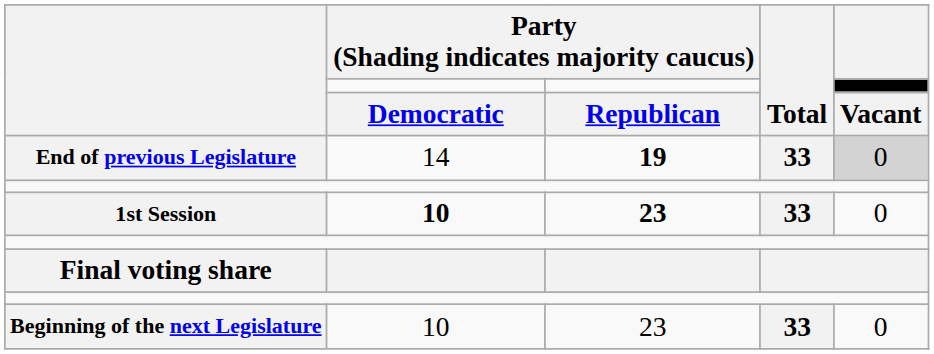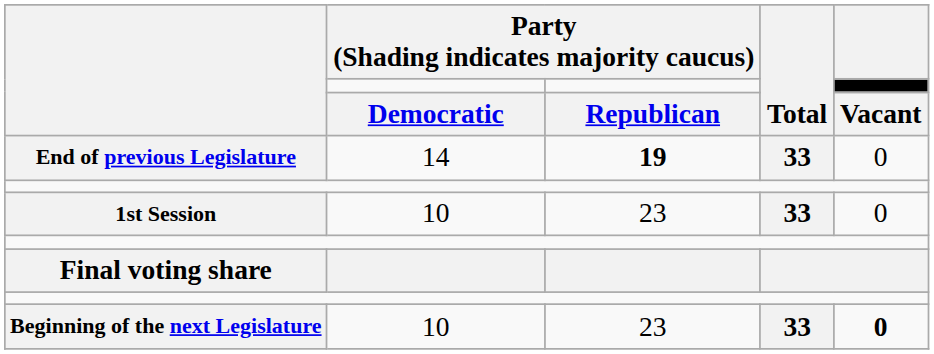 <table class=wikitable style="text-align:center">
 <tr style="vertical-align:bottom;">
 <th rowspan=3></th>
 <th colspan=2>Party <div>(Shading indicates majority caucus)</div></th>
 <th rowspan=3>Total</th>
 <th></th>
 </tr>
 <tr style="height:5px">
 <td style="background-color:"></td>
 <td style="background-color:"></td>
 <td style="background:black;"></td>
 </tr>
 <tr>
 <th><a href='#'>Democratic</a></th>
 <th><a href='#'>Republican</a></th>
 <th>Vacant</th>
 </tr>
 <tr>
 <th style="font-size:80%;">End of <a href='#'>previous Legislature</a></th>
 <td>14</td>
 <td><strong>19</strong></td>
 <th>33</th>
-<td style="background: lightgrey;">0</td>
+<td>0</td>
 </tr>
 <tr>
 <td colspan=6></td>
 </tr>
 <tr>
 <th style="font-size:80%;">1st Session</th>
-<td><strong>10</strong></td>
-<td><strong>23</strong></td>
+<td>10</td>
+<td>23</td>
 <th>33</th>
 <td>0</td>
 </tr>
 <tr>
 <td colspan=6></td>
 </tr>
 <tr>
 <th>Final voting share</th>
 <th></th>
 <th></th>
 <th colspan=2></th>
 </tr>
 <tr>
 <td colspan=6></td>
 </tr>
 <tr>
 <th style="font-size:80%;">Beginning of the <a href='#'>next Legislature</a></th>
 <td>10</td>
 <td>23</td>
 <th>33</th>
-<td>0</td>
+<td><strong>0</strong></td>
 </tr>
 </table>
